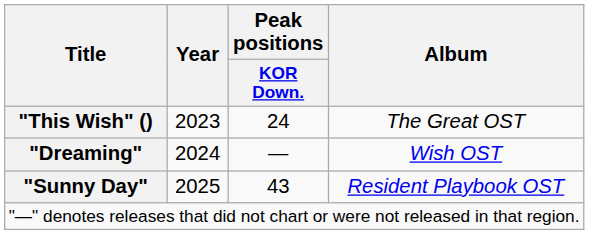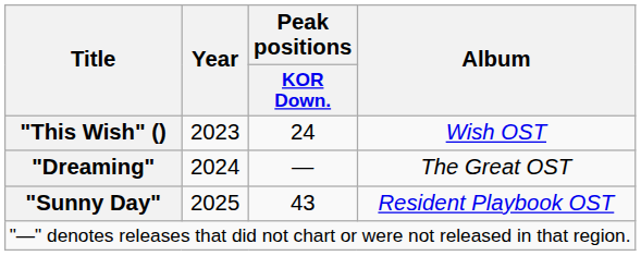 <table class="wikitable plainrowheaders" style="text-align:center">
 <tr>
 <th scope="col" rowspan="2">Title</th>
 <th scope="col" rowspan="2">Year</th>
 <th scope="col" colspan="1">Peak positions</th>
 <th scope="col" rowspan="2">Album</th>
 </tr>
 <tr>
 <th scope="col" style="width:2.5em;font-size:85%"><a href='#'>KOR <br> Down.</a><br></th>
 </tr>
 <tr>
 <th scope="row">"This Wish" ()</th>
 <td>2023</td>
 <td>24</td>
-<td><em>The Great OST</em></td>
+<td><em><a href='#'>Wish OST</a></em></td>
 </tr>
 <tr>
 <th scope="row">"Dreaming"</th>
 <td>2024</td>
 <td>—</td>
-<td><em><a href='#'>Wish OST</a></em></td>
+<td><em>The Great OST</em></td>
 </tr>
 <tr>
 <th scope="row">"Sunny Day"</th>
 <td>2025</td>
 <td>43</td>
 <td><em><a href='#'>Resident Playbook OST</a></em></td>
 </tr>
 <tr>
 <td colspan="4" style="font-size:85%">"—" denotes releases that did not chart or were not released in that region.</td>
 </tr>
 </table>
